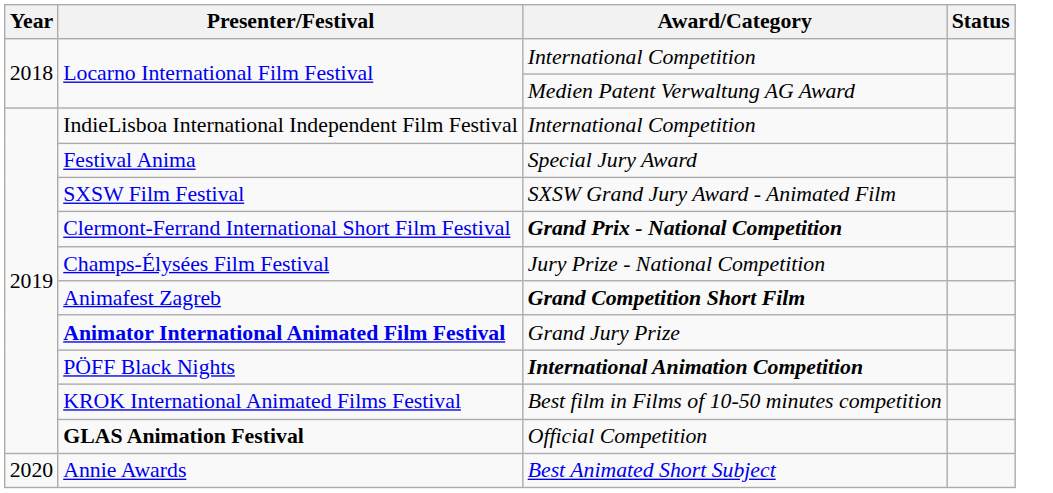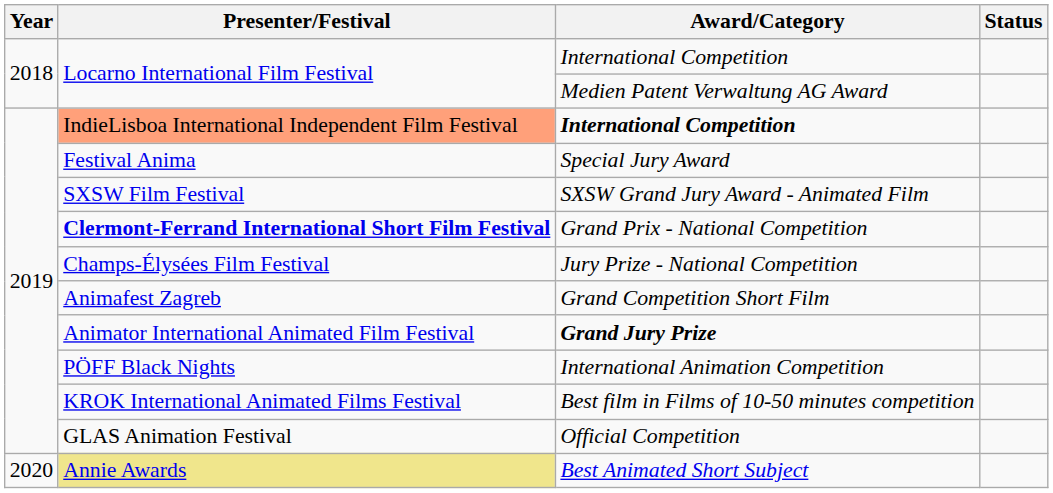 <table class="wikitable">
 <tr>
 <th>Year</th>
 <th>Presenter/Festival</th>
 <th>Award/Category</th>
 <th>Status</th>
 </tr>
 <tr>
 <td rowspan="2">2018</td>
 <td colspan="1" rowspan="2"><a href='#'>Locarno International Film Festival</a></td>
 <td><em>International Competition</em></td>
 <td></td>
 </tr>
 <tr>
 <td><em>Medien Patent Verwaltung AG Award</em></td>
 <td></td>
 </tr>
 <tr>
 <td rowspan="10">2019</td>
-<td>IndieLisboa International Independent Film Festival</td>
-<td><em>International Competition</em></td>
+<td style="background: lightsalmon;">IndieLisboa International Independent Film Festival</td>
+<td><strong><em>International Competition</em></strong></td>
 <td></td>
 </tr>
 <tr>
 <td><a href='#'>Festival Anima</a></td>
 <td><em>Special Jury Award</em></td>
 <td></td>
 </tr>
 <tr>
 <td><a href='#'>SXSW Film Festival</a></td>
 <td><em>SXSW Grand Jury Award - Animated Film</em></td>
 <td></td>
 </tr>
 <tr>
-<td><a href='#'>Clermont-Ferrand International Short Film Festival</a></td>
-<td><strong><em>Grand Prix - National Competition</em></strong></td>
+<td><strong><a href='#'>Clermont-Ferrand International Short Film Festival</a></strong></td>
+<td><em>Grand Prix - National Competition</em></td>
 <td></td>
 </tr>
 <tr>
 <td><a href='#'>Champs-Élysées Film Festival</a></td>
 <td><em>Jury Prize - National Competition</em></td>
 <td></td>
 </tr>
 <tr>
 <td><a href='#'>Animafest Zagreb</a></td>
-<td><strong><em>Grand Competition Short Film</em></strong></td>
+<td><em>Grand Competition Short Film</em></td>
 <td></td>
 </tr>
 <tr>
-<td><strong><a href='#'>Animator International Animated Film Festival</a></strong></td>
-<td><em>Grand Jury Prize</em></td>
+<td><a href='#'>Animator International Animated Film Festival</a></td>
+<td><strong><em>Grand Jury Prize</em></strong></td>
 <td></td>
 </tr>
 <tr>
 <td><a href='#'>PÖFF Black Nights</a></td>
-<td><strong><em>International Animation Competition</em></strong></td>
+<td><em>International Animation Competition</em></td>
 <td></td>
 </tr>
 <tr>
 <td><a href='#'>KROK International Animated Films Festival</a></td>
 <td><em>Best film in Films of 10-50 minutes competition</em></td>
 <td></td>
 </tr>
 <tr>
-<td><strong>GLAS Animation Festival</strong></td>
+<td>GLAS Animation Festival</td>
 <td><em>Official Competition</em></td>
 <td></td>
 </tr>
 <tr>
 <td rowspan="2">2020</td>
-<td><a href='#'>Annie Awards</a></td>
+<td style="background: khaki;"><a href='#'>Annie Awards</a></td>
 <td><em><a href='#'>Best Animated Short Subject</a></em></td>
 <td></td>
 </tr>
 </table>
